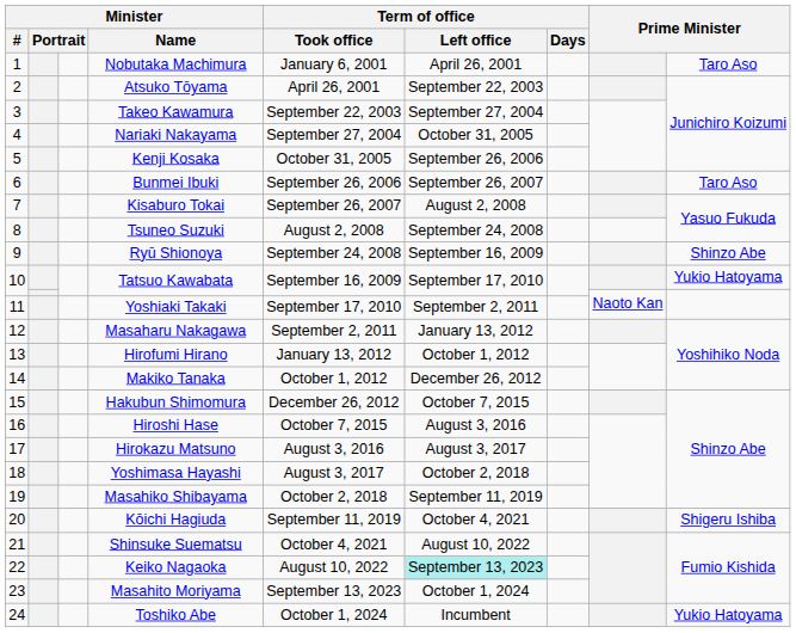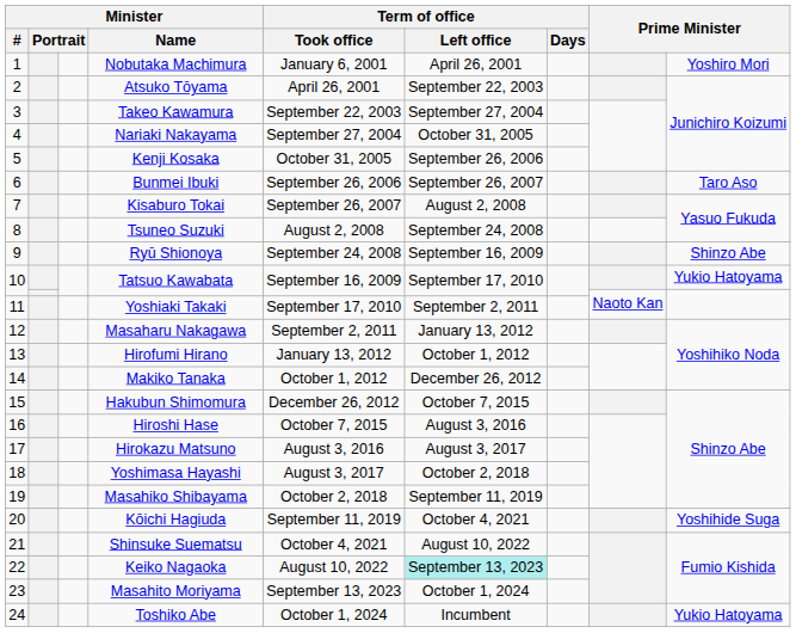 <table class="wikitable"  style="text-align:center">
 <tr>
 <th colspan=4>Minister</th>
 <th colspan=3>Term of office</th>
 <th style="width:160px;" rowspan=2 colspan=2>Prime Minister</th>
 </tr>
 <tr>
 <th>#</th>
 <th colspan=2>Portrait</th>
 <th width=180px>Name</th>
 <th>Took office</th>
 <th>Left office</th>
 <th>Days</th>
 </tr>
 <tr>
 <td>1</td>
 <th style="background-color: "></th>
 <td></td>
 <td><a href='#'>Nobutaka Machimura</a></td>
 <td>January 6, 2001</td>
 <td>April 26, 2001</td>
 <td></td>
 <th style="background-color: "></th>
-<td><a href='#'>Taro Aso</a></td>
+<td><a href='#'>Yoshiro Mori</a></td>
 </tr>
 <tr>
 <td>2</td>
 <th style="background-color: "></th>
 <td></td>
 <td><a href='#'>Atsuko Tōyama</a></td>
 <td>April 26, 2001</td>
 <td>September 22, 2003</td>
 <td></td>
 <th style="background-color: "></th>
 <td rowspan=4><a href='#'>Junichiro Koizumi</a></td>
 </tr>
 <tr>
 <td>3</td>
 <th style="background-color: "></th>
 <td></td>
 <td><a href='#'>Takeo Kawamura</a></td>
 <td>September 22, 2003</td>
 <td>September 27, 2004</td>
 <td></td>
 </tr>
 <tr>
 <td>4</td>
 <th style="background-color: "></th>
 <td></td>
 <td><a href='#'>Nariaki Nakayama</a></td>
 <td>September 27, 2004</td>
 <td>October 31, 2005</td>
 <td></td>
 </tr>
 <tr>
 <td>5</td>
 <th style="background-color: "></th>
 <td></td>
 <td><a href='#'>Kenji Kosaka</a></td>
 <td>October 31, 2005</td>
 <td>September 26, 2006</td>
 <td></td>
 </tr>
 <tr>
 <td>6</td>
 <th style="background-color: "></th>
 <td></td>
 <td><a href='#'>Bunmei Ibuki</a></td>
 <td>September 26, 2006</td>
 <td>September 26, 2007</td>
 <td></td>
 <th style="background-color: "></th>
 <td><a href='#'>Taro Aso</a></td>
 </tr>
 <tr>
 <td>7</td>
 <th style="background-color: "></th>
 <td></td>
 <td><a href='#'>Kisaburo Tokai</a></td>
 <td>September 26, 2007</td>
 <td>August 2, 2008</td>
 <td></td>
 <th style="background-color: "></th>
 <td rowspan=2><a href='#'>Yasuo Fukuda</a></td>
 </tr>
 <tr>
 <td>8</td>
 <th style="background-color: "></th>
 <td></td>
 <td><a href='#'>Tsuneo Suzuki</a></td>
 <td>August 2, 2008</td>
 <td>September 24, 2008</td>
 <td></td>
 </tr>
 <tr>
 <td>9</td>
 <th style="background-color: "></th>
 <td></td>
 <td><a href='#'>Ryū Shionoya</a></td>
 <td>September 24, 2008</td>
 <td>September 16, 2009</td>
 <td></td>
 <th style="background-color: "></th>
 <td><a href='#'>Shinzo Abe</a></td>
 </tr>
 <tr>
 <td rowspan=2>10</td>
 <th style="background-color: "></th>
 <td rowspan=2></td>
 <td rowspan=2><a href='#'>Tatsuo Kawabata</a></td>
 <td rowspan=2>September 16, 2009</td>
 <td rowspan=2>September 17, 2010</td>
 <td rowspan=2></td>
 <th style="background-color: "></th>
 <td><a href='#'>Yukio Hatoyama</a></td>
 </tr>
 <tr>
 <th style="background-color: "></th>
 <td rowspan=2><a href='#'>Naoto Kan</a></td>
 </tr>
 <tr>
 <td>11</td>
 <th style="background-color: "></th>
 <td></td>
 <td><a href='#'>Yoshiaki Takaki</a></td>
 <td>September 17, 2010</td>
 <td>September 2, 2011</td>
 <td></td>
 </tr>
 <tr>
 <td>12</td>
 <th style="background-color: "></th>
 <td></td>
 <td><a href='#'>Masaharu Nakagawa</a></td>
 <td>September 2, 2011</td>
 <td>January 13, 2012</td>
 <td></td>
 <th style="background-color: "></th>
 <td rowspan=3><a href='#'>Yoshihiko Noda</a></td>
 </tr>
 <tr>
 <td>13</td>
 <th style="background-color: "></th>
 <td></td>
 <td><a href='#'>Hirofumi Hirano</a></td>
 <td>January 13, 2012</td>
 <td>October 1, 2012</td>
 <td></td>
 </tr>
 <tr>
 <td>14</td>
 <th style="background-color: "></th>
 <td></td>
 <td><a href='#'>Makiko Tanaka</a></td>
 <td>October 1, 2012</td>
 <td>December 26, 2012</td>
 <td></td>
 </tr>
 <tr>
 <td>15</td>
 <th style="background-color: "></th>
 <td></td>
 <td><a href='#'>Hakubun Shimomura</a></td>
 <td>December 26, 2012</td>
 <td>October 7, 2015</td>
 <td></td>
 <th style="background-color: "></th>
 <td rowspan=5><a href='#'>Shinzo Abe</a></td>
 </tr>
 <tr>
 <td>16</td>
 <th style="background-color: "></th>
 <td></td>
 <td><a href='#'>Hiroshi Hase</a></td>
 <td>October 7, 2015</td>
 <td>August 3, 2016</td>
 <td></td>
 </tr>
 <tr>
 <td>17</td>
 <th style="background-color: "></th>
 <td></td>
 <td><a href='#'>Hirokazu Matsuno</a></td>
 <td>August 3, 2016</td>
 <td>August 3, 2017</td>
 <td></td>
 </tr>
 <tr>
 <td>18</td>
 <th style="background-color: "></th>
 <td></td>
 <td><a href='#'>Yoshimasa Hayashi</a></td>
 <td>August 3, 2017</td>
 <td>October 2, 2018</td>
 <td></td>
 </tr>
 <tr>
 <td>19</td>
 <th style="background-color: "></th>
 <td></td>
 <td><a href='#'>Masahiko Shibayama</a></td>
 <td>October 2, 2018</td>
 <td>September 11, 2019</td>
 <td></td>
 </tr>
 <tr>
 <td>20</td>
 <th style="background-color: "></th>
 <td></td>
 <td><a href='#'>Kōichi Hagiuda</a></td>
 <td>September 11, 2019</td>
 <td>October 4, 2021</td>
 <td></td>
 <th style="background-color: "></th>
-<td><a href='#'>Shigeru Ishiba</a></td>
+<td><a href='#'>Yoshihide Suga</a></td>
 </tr>
 <tr>
 <td>21</td>
 <th style="background-color: "></th>
 <td></td>
 <td><a href='#'>Shinsuke Suematsu</a></td>
 <td>October 4, 2021</td>
 <td>August 10, 2022</td>
 <td></td>
 <th rowspan=3 style="background-color: "></th>
 <td rowspan=3><a href='#'>Fumio Kishida</a></td>
 </tr>
 <tr>
 <td>22</td>
 <th style="background-color: "></th>
 <td></td>
 <td><a href='#'>Keiko Nagaoka</a></td>
 <td>August 10, 2022</td>
 <td style="background: paleturquoise;">September 13, 2023</td>
 <td></td>
 </tr>
 <tr>
 <td>23</td>
 <th style="background-color: "></th>
 <td></td>
 <td><a href='#'>Masahito Moriyama</a></td>
 <td>September 13, 2023</td>
 <td>October 1, 2024</td>
 <td></td>
 </tr>
 <tr>
 <td>24</td>
 <th style="background-color: "></th>
 <td></td>
 <td><a href='#'>Toshiko Abe</a></td>
 <td>October 1, 2024</td>
 <td>Incumbent</td>
 <td></td>
 <th style="background-color: "></th>
 <td><a href='#'>Yukio Hatoyama</a></td>
 </tr>
 </table>
